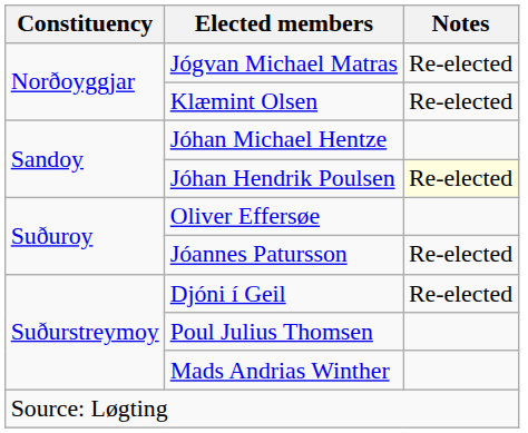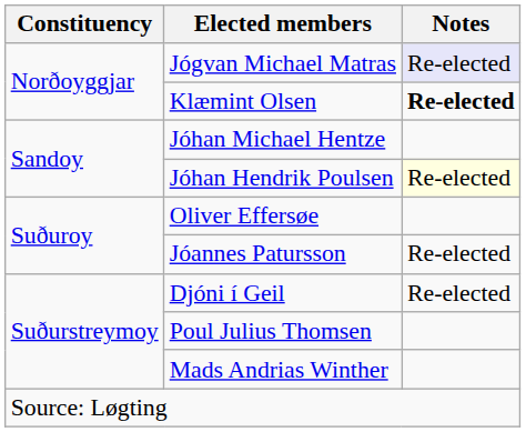 <table class=wikitable>
 <tr>
 <th>Constituency</th>
 <th>Elected members</th>
 <th>Notes</th>
 </tr>
 <tr>
 <td rowspan=2><a href='#'>Norðoyggjar</a></td>
 <td><a href='#'>Jógvan Michael Matras</a></td>
-<td>Re-elected</td>
+<td style="background: lavender;">Re-elected</td>
 </tr>
 <tr>
 <td><a href='#'>Klæmint Olsen</a></td>
-<td>Re-elected</td>
+<td><strong>Re-elected</strong></td>
 </tr>
 <tr>
 <td rowspan=2><a href='#'>Sandoy</a></td>
 <td><a href='#'>Jóhan Michael Hentze</a></td>
 <td></td>
 </tr>
 <tr>
 <td><a href='#'>Jóhan Hendrik Poulsen</a></td>
 <td style="background: lightyellow;">Re-elected</td>
 </tr>
 <tr>
 <td rowspan=2><a href='#'>Suðuroy</a></td>
 <td><a href='#'>Oliver Effersøe</a></td>
 <td></td>
 </tr>
 <tr>
 <td><a href='#'>Jóannes Patursson</a></td>
 <td>Re-elected</td>
 </tr>
 <tr>
 <td rowspan=3><a href='#'>Suðurstreymoy</a></td>
 <td><a href='#'>Djóni í Geil</a></td>
 <td>Re-elected</td>
 </tr>
 <tr>
 <td><a href='#'>Poul Julius Thomsen</a></td>
 <td></td>
 </tr>
 <tr>
 <td><a href='#'>Mads Andrias Winther</a></td>
 <td></td>
 </tr>
 <tr>
 <td colspan=3>Source: Løgting</td>
 </tr>
 </table>
